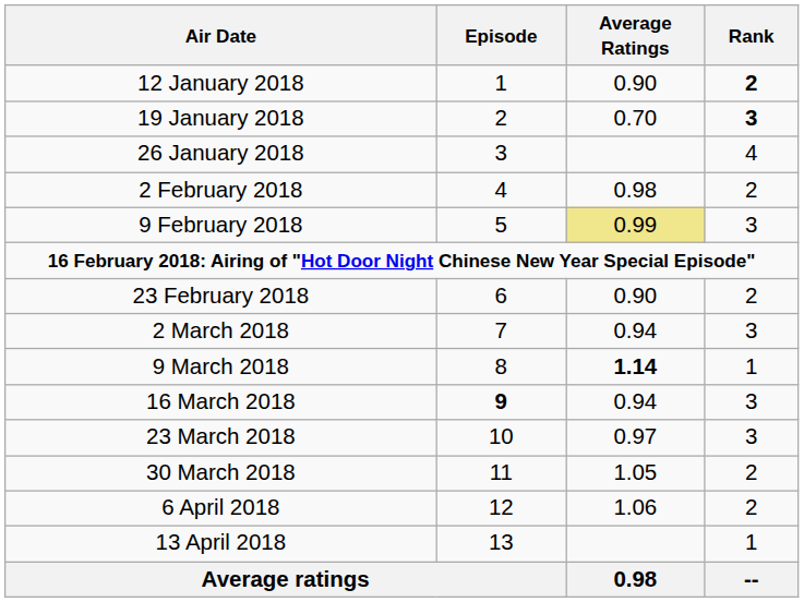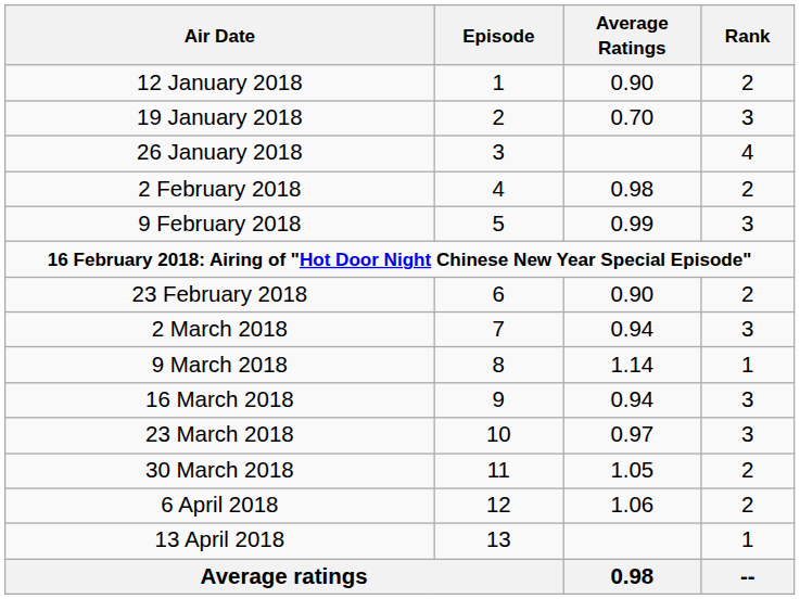 <table class="wikitable" style="text-align:center;width:45%;">
 <tr>
 <th width="25%"><small>Air Date</small></th>
 <th width="5%"><small>Episode</small></th>
 <th width="6%"><small>Average Ratings</small></th>
 <th width="4%"><small>Rank</small></th>
 </tr>
 <tr>
 <td>12 January 2018</td>
 <td>1</td>
 <td>0.90</td>
-<td><strong>2</strong></td>
+<td>2</td>
 </tr>
 <tr>
 <td>19 January 2018</td>
 <td>2</td>
 <td>0.70</td>
-<td><strong>3</strong></td>
+<td>3</td>
 </tr>
 <tr>
 <td>26 January 2018</td>
 <td>3</td>
 <td><strong></strong></td>
 <td>4</td>
 </tr>
 <tr>
 <td>2 February 2018</td>
 <td>4</td>
 <td>0.98</td>
 <td>2</td>
 </tr>
 <tr>
 <td>9 February 2018</td>
 <td>5</td>
-<td style="background: khaki;">0.99</td>
+<td>0.99</td>
 <td>3</td>
 </tr>
 <tr>
 <td colspan="4"><strong><small>16 February 2018: Airing of "<a href='#'>Hot Door Night</a> Chinese New Year Special Episode"</small></strong></td>
 </tr>
 <tr>
 <td>23 February 2018</td>
 <td>6</td>
 <td>0.90</td>
 <td>2</td>
 </tr>
 <tr>
 <td>2 March 2018</td>
 <td>7</td>
 <td>0.94</td>
 <td>3</td>
 </tr>
 <tr>
 <td>9 March 2018</td>
 <td>8</td>
-<td><strong>1.14</strong></td>
+<td>1.14</td>
 <td>1</td>
 </tr>
 <tr>
 <td>16 March 2018</td>
-<td><strong>9</strong></td>
+<td>9</td>
 <td>0.94</td>
 <td>3</td>
 </tr>
 <tr>
 <td>23 March 2018</td>
 <td>10</td>
 <td>0.97</td>
 <td>3</td>
 </tr>
 <tr>
 <td>30 March 2018</td>
 <td>11</td>
 <td>1.05</td>
 <td>2</td>
 </tr>
 <tr>
 <td>6 April 2018</td>
 <td>12</td>
 <td>1.06</td>
 <td>2</td>
 </tr>
 <tr>
 <td>13 April 2018</td>
 <td>13</td>
 <td><strong></strong></td>
 <td>1</td>
 </tr>
 <tr>
 <th colspan="2"><strong>Average ratings</strong></th>
 <th>0.98</th>
 <th>--</th>
 </tr>
 </table>
